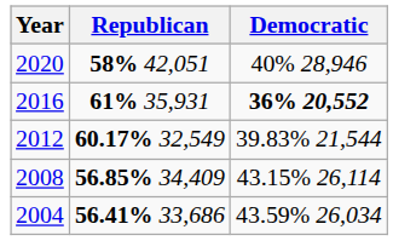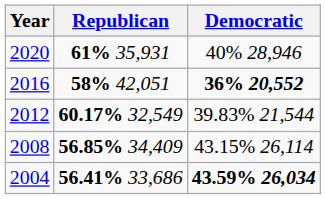 <table class="wikitable" style="float:right; margin:10px;">
 <tr style="background:lightgrey;">
 <th>Year</th>
 <th><a href='#'>Republican</a></th>
 <th><a href='#'>Democratic</a></th>
 </tr>
 <tr>
 <td style="text-align:center; "><a href='#'>2020</a></td>
-<td style="text-align:center; "><strong>58%</strong> <em>42,051</em></td>
+<td style="text-align:center; "><strong>61%</strong> <em>35,931</em></td>
 <td style="text-align:center; ">40% <em>28,946</em></td>
 </tr>
 <tr>
 <td style="text-align:center; "><a href='#'>2016</a></td>
-<td style="text-align:center; "><strong>61%</strong> <em>35,931</em></td>
+<td style="text-align:center; "><strong>58%</strong> <em>42,051</em></td>
 <td style="text-align:center; "><strong>36% <em>20,552</em></strong></td>
 </tr>
 <tr>
 <td style="text-align:center; "><a href='#'>2012</a></td>
 <td style="text-align:center; "><strong>60.17%</strong> <em>32,549</em></td>
 <td style="text-align:center; ">39.83% <em>21,544</em></td>
 </tr>
 <tr>
 <td style="text-align:center; "><a href='#'>2008</a></td>
 <td style="text-align:center; "><strong>56.85%</strong> <em>34,409</em></td>
 <td style="text-align:center; ">43.15% <em>26,114</em></td>
 </tr>
 <tr>
 <td style="text-align:center; "><a href='#'>2004</a></td>
 <td style="text-align:center; "><strong>56.41%</strong> <em>33,686</em></td>
-<td style="text-align:center; ">43.59% <em>26,034</em></td>
+<td style="text-align:center; "><strong>43.59% <em>26,034</em></strong></td>
 </tr>
 </table>
